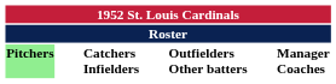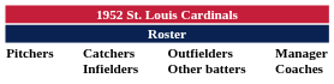 <table class="toccolours" style="font-size: 95%;">
 <tr>
 <th colspan="10" style="background-color: #c41e3a; color: white; text-align: center;">1952 St. Louis Cardinals</th>
 </tr>
 <tr>
 <td colspan="10" style="background-color: #0a2252; color: white; text-align: center;"><strong>Roster</strong></td>
 </tr>
 <tr>
-<td valign="top" style="background: lightgreen;"><strong>Pitchers</strong><br>                  </td>
+<td valign="top"><strong>Pitchers</strong><br>                  </td>
 <td width="25px"></td>
 <td valign="top"><strong>Catchers</strong><br>   <strong>Infielders</strong>            </td>
 <td width="25px"></td>
 <td valign="top"><strong>Outfielders</strong><br>      <strong>Other batters</strong> </td>
 <td width="25px"></td>
 <td valign="top"><strong>Manager</strong><br> <strong>Coaches</strong>    </td>
 </tr>
 </table>
